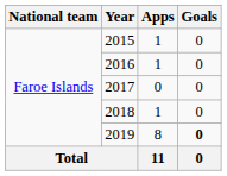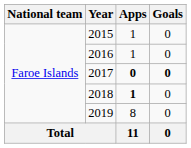 <table class=wikitable style=text-align:center>
 <tr>
 <th>National team</th>
 <th>Year</th>
 <th>Apps</th>
 <th>Goals</th>
 </tr>
 <tr>
 <td rowspan="5"><a href='#'>Faroe Islands</a></td>
 <td>2015</td>
 <td>1</td>
 <td>0</td>
 </tr>
 <tr>
 <td>2016</td>
 <td>1</td>
 <td>0</td>
 </tr>
 <tr>
 <td>2017</td>
-<td>0</td>
-<td>0</td>
+<td><strong>0</strong></td>
+<td><strong>0</strong></td>
 </tr>
 <tr>
 <td>2018</td>
-<td>1</td>
+<td><strong>1</strong></td>
 <td>0</td>
 </tr>
 <tr>
 <td>2019</td>
 <td>8</td>
-<td><strong>0</strong></td>
+<td>0</td>
 </tr>
 <tr>
 <th colspan=2>Total</th>
 <th>11</th>
 <th>0</th>
 </tr>
 </table>
